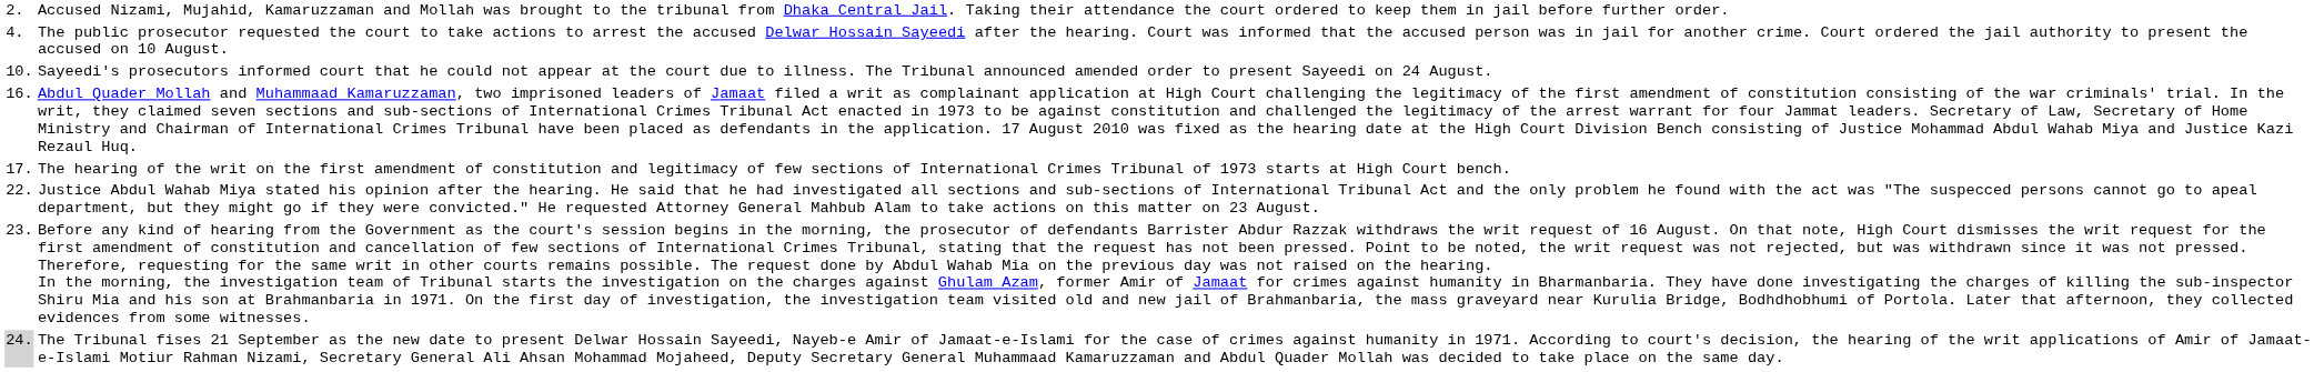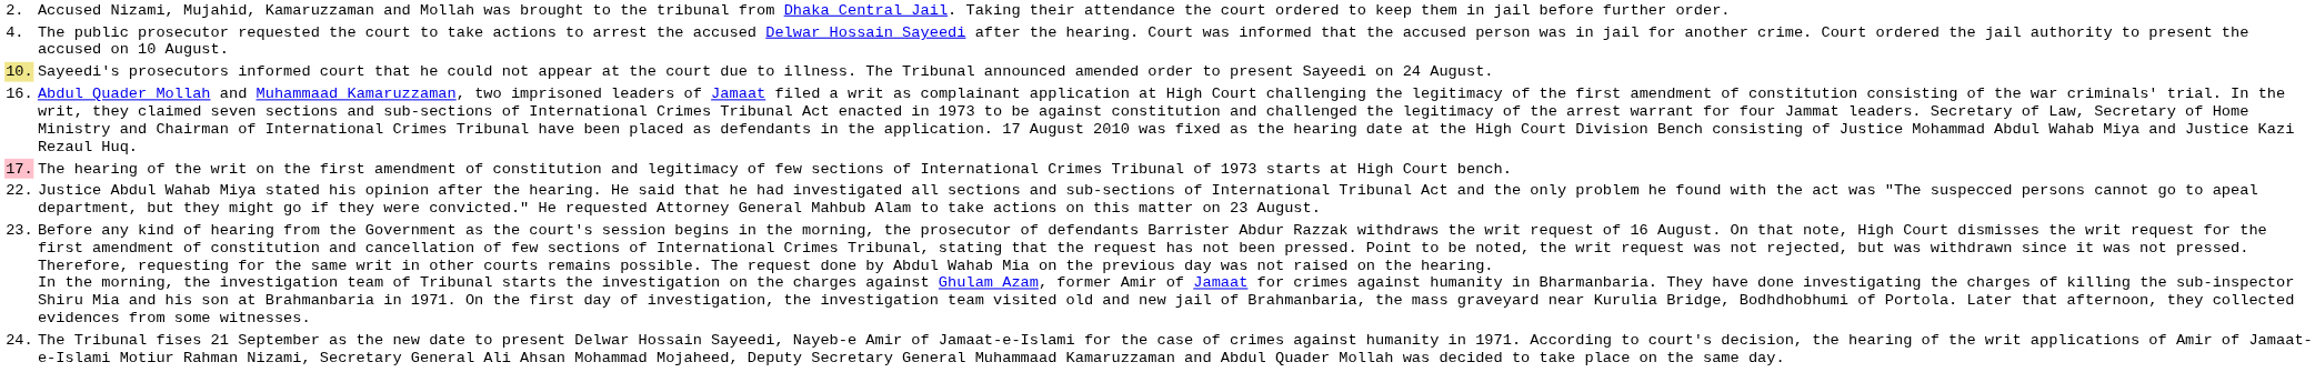 <table>
 <tr valign=top>
 <td>2.</td>
 <td>Accused Nizami, Mujahid, Kamaruzzaman and Mollah was brought to the tribunal from <a href='#'>Dhaka Central Jail</a>. Taking their attendance the court ordered to keep them in jail before further order.</td>
 </tr>
 <tr valign=top>
 <td>4.</td>
 <td>The public prosecutor requested the court to take actions to arrest the accused <a href='#'>Delwar Hossain Sayeedi</a> after the hearing. Court was informed that the accused person was in jail for another crime. Court ordered the jail authority to present the accused on 10 August.</td>
 </tr>
 <tr valign=top>
-<td>10.</td>
+<td style="background: khaki;">10.</td>
 <td>Sayeedi's prosecutors informed court that he could not appear at the court due to illness. The Tribunal announced amended order to present Sayeedi on 24 August.</td>
 </tr>
 <tr valign=top>
 <td>16.</td>
 <td><a href='#'>Abdul Quader Mollah</a> and <a href='#'>Muhammaad Kamaruzzaman</a>, two imprisoned leaders of <a href='#'>Jamaat</a> filed a writ as complainant application at High Court challenging the legitimacy of the first amendment of constitution consisting of the war criminals' trial. In the writ, they claimed seven sections and sub-sections of International Crimes Tribunal Act enacted in 1973 to be against constitution and challenged the legitimacy of the arrest warrant for four Jammat leaders. Secretary of Law, Secretary of Home Ministry and Chairman of International Crimes Tribunal have been placed as defendants in the application. 17 August 2010 was fixed as the hearing date at the High Court Division Bench consisting of Justice Mohammad Abdul Wahab Miya and Justice Kazi Rezaul Huq.</td>
 </tr>
 <tr valign=top>
-<td>17.</td>
+<td style="background: pink;">17.</td>
 <td>The hearing of the writ on the first amendment of constitution and legitimacy of few sections of International Crimes Tribunal of 1973 starts at High Court bench.</td>
 </tr>
 <tr valign=top>
 <td>22.</td>
 <td>Justice Abdul Wahab Miya stated his opinion after the hearing. He said that he had investigated all sections and sub-sections of International Tribunal Act and the only problem he found with the act was "The suspecced persons cannot go to apeal department, but they might go if they were convicted." He requested Attorney General Mahbub Alam to take actions on this matter on 23 August.</td>
 </tr>
 <tr valign=top>
 <td>23.</td>
 <td>Before any kind of hearing from the Government as the court's session begins in the morning, the prosecutor of defendants Barrister Abdur Razzak withdraws the writ request of 16 August. On that note, High Court dismisses the writ request for the first amendment of constitution and cancellation of few sections of International Crimes Tribunal, stating that the request has not been pressed. Point to be noted, the writ request was not rejected, but was withdrawn since it was not pressed. Therefore, requesting for the same writ in other courts remains possible. The request done by Abdul Wahab Mia on the previous day was not raised on the hearing.<br>In the morning, the investigation team of Tribunal starts the investigation on the charges against <a href='#'>Ghulam Azam</a>, former Amir of <a href='#'>Jamaat</a> for crimes against humanity in Bharmanbaria. They have done investigating the charges of killing the sub-inspector Shiru Mia and his son at Brahmanbaria in 1971. On the first day of investigation, the investigation team visited old and new jail of Brahmanbaria, the mass graveyard near Kurulia Bridge, Bodhdhobhumi of Portola. Later that afternoon, they collected evidences from some witnesses.</td>
 </tr>
 <tr valign=top>
-<td style="background: lightgrey;">24.</td>
+<td>24.</td>
 <td>The Tribunal fises 21 September as the new date to present Delwar Hossain Sayeedi, Nayeb-e Amir of Jamaat-e-Islami for the case of crimes against humanity in 1971. According to court's decision, the hearing of the writ applications of Amir of Jamaat-e-Islami Motiur Rahman Nizami, Secretary General Ali Ahsan Mohammad Mojaheed, Deputy Secretary General Muhammaad Kamaruzzaman and Abdul Quader Mollah was decided to take place on the same day.</td>
 </tr>
 </table>
